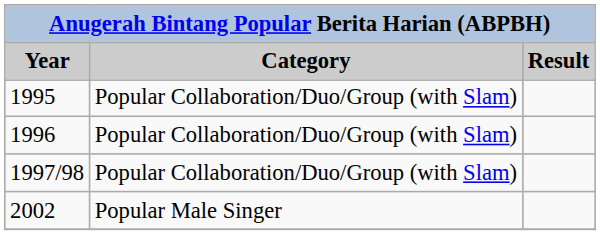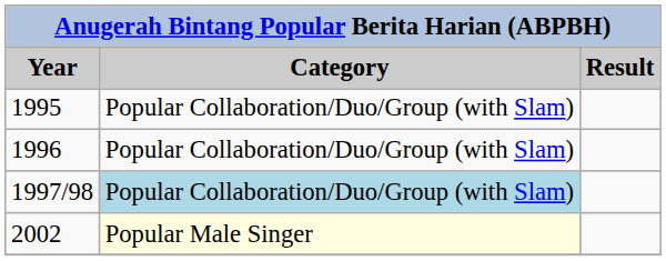 <table class="wikitable" style="font-size:90%;">
 <tr>
 <th colspan=5 style="background:#B0C4DE;"><a href='#'>Anugerah Bintang Popular</a> Berita Harian (ABPBH)</th>
 </tr>
 <tr align="center">
 <th style="background: #CCCCCC;">Year</th>
 <th style="background: #CCCCCC;">Category</th>
 <th style="background: #CCCCCC;">Result</th>
 </tr>
 <tr>
 <td>1995</td>
 <td>Popular Collaboration/Duo/Group (with <a href='#'>Slam</a>)</td>
 <td></td>
 </tr>
 <tr>
 <td>1996</td>
 <td>Popular Collaboration/Duo/Group (with <a href='#'>Slam</a>)</td>
 <td></td>
 </tr>
 <tr>
 <td>1997/98</td>
-<td>Popular Collaboration/Duo/Group (with <a href='#'>Slam</a>)</td>
+<td style="background: lightblue;">Popular Collaboration/Duo/Group (with <a href='#'>Slam</a>)</td>
 <td></td>
 </tr>
 <tr>
 <td>2002</td>
-<td>Popular Male Singer</td>
+<td style="background: lightyellow;">Popular Male Singer</td>
 <td></td>
 </tr>
 <tr>
 </tr>
 </table>
